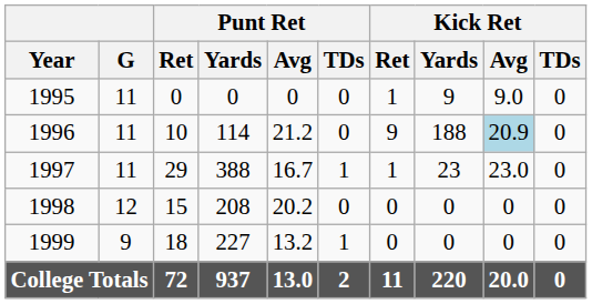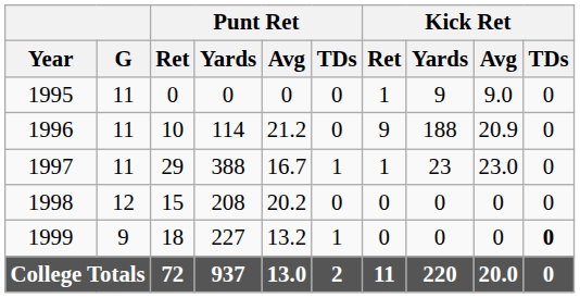 <table class="wikitable" style="text-align:center;">
 <tr>
 <th colspan=2></th>
 <th colspan=4>Punt Ret</th>
 <th colspan=4>Kick Ret</th>
 </tr>
 <tr>
 <th>Year</th>
 <th>G</th>
 <th>Ret</th>
 <th>Yards</th>
 <th>Avg</th>
 <th>TDs</th>
 <th>Ret</th>
 <th>Yards</th>
 <th>Avg</th>
 <th>TDs</th>
 </tr>
 <tr>
 <td>1995</td>
 <td>11</td>
 <td>0</td>
 <td>0</td>
 <td>0</td>
 <td>0</td>
 <td>1</td>
 <td>9</td>
 <td>9.0</td>
 <td>0</td>
 </tr>
 <tr>
 <td>1996</td>
 <td>11</td>
 <td>10</td>
 <td>114</td>
 <td>21.2</td>
 <td>0</td>
 <td>9</td>
 <td>188</td>
-<td style="background: lightblue;">20.9</td>
+<td>20.9</td>
 <td>0</td>
 </tr>
 <tr>
 <td>1997</td>
 <td>11</td>
 <td>29</td>
 <td>388</td>
 <td>16.7</td>
 <td>1</td>
 <td>1</td>
 <td>23</td>
 <td>23.0</td>
 <td>0</td>
 </tr>
 <tr>
 <td>1998</td>
 <td>12</td>
 <td>15</td>
 <td>208</td>
 <td>20.2</td>
 <td>0</td>
 <td>0</td>
 <td>0</td>
 <td>0</td>
 <td>0</td>
 </tr>
 <tr>
 <td>1999</td>
 <td>9</td>
 <td>18</td>
 <td>227</td>
 <td>13.2</td>
 <td>1</td>
 <td>0</td>
 <td>0</td>
 <td>0</td>
-<td>0</td>
+<td><strong>0</strong></td>
 </tr>
 <tr style="background:#555; font-weight:bold; color:white;">
 <td colspan=2>College Totals</td>
 <td>72</td>
 <td>937</td>
 <td>13.0</td>
 <td>2</td>
 <td>11</td>
 <td>220</td>
 <td>20.0</td>
 <td>0</td>
 </tr>
 </table>
